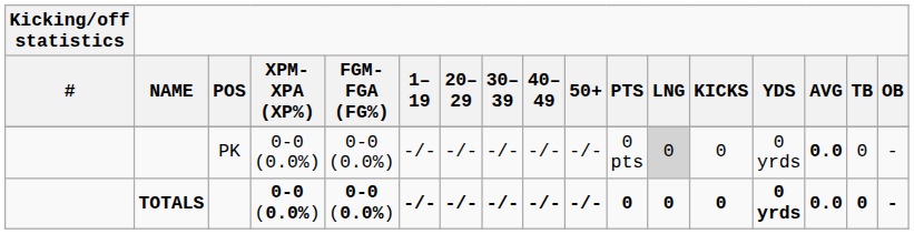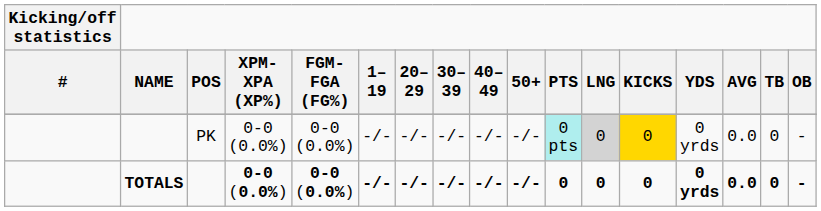 <table style="width:60%; text-align:center;" class="wikitable collapsible collapsed">
 <tr>
 <th style="text-align:center; ">Kicking/off statistics</th>
 </tr>
 <tr>
 <th>#</th>
 <th>NAME</th>
 <th>POS</th>
 <th>XPM-XPA (XP%)</th>
 <th>FGM-FGA (FG%)</th>
 <th>1–19</th>
 <th>20–29</th>
 <th>30–39</th>
 <th>40–49</th>
 <th>50+</th>
 <th>PTS</th>
 <th>LNG</th>
 <th>KICKS</th>
 <th>YDS</th>
 <th>AVG</th>
 <th>TB</th>
 <th>OB</th>
 </tr>
 <tr>
 </tr>
 <tr>
 <td></td>
 <td></td>
 <td>PK</td>
 <td>0-0 (0.0%)</td>
 <td>0-0 (0.0%)</td>
 <td>-/-</td>
 <td>-/-</td>
 <td>-/-</td>
 <td>-/-</td>
 <td>-/-</td>
-<td>0 pts</td>
+<td style="background: paleturquoise;">0 pts</td>
 <td style="background: lightgrey;">0</td>
-<td>0</td>
+<td style="background: gold;">0</td>
 <td>0 yrds</td>
-<td><strong>0.0</strong></td>
+<td>0.0</td>
 <td>0</td>
 <td>-</td>
 </tr>
 <tr>
 <td></td>
 <td><strong>TOTALS</strong></td>
 <td></td>
 <td><strong>0-0</strong> (<strong>0.0%</strong>)</td>
 <td><strong>0-0</strong> (<strong>0.0%</strong>)</td>
 <td><strong>-/-</strong></td>
 <td><strong>-/-</strong></td>
 <td><strong>-/-</strong></td>
 <td><strong>-/-</strong></td>
 <td><strong>-/-</strong></td>
 <td><strong>0</strong></td>
 <td><strong>0</strong></td>
 <td><strong>0</strong></td>
 <td><strong>0 yrds</strong></td>
 <td><strong>0.0</strong></td>
 <td><strong>0</strong></td>
 <td><strong>-</strong></td>
 </tr>
 </table>
